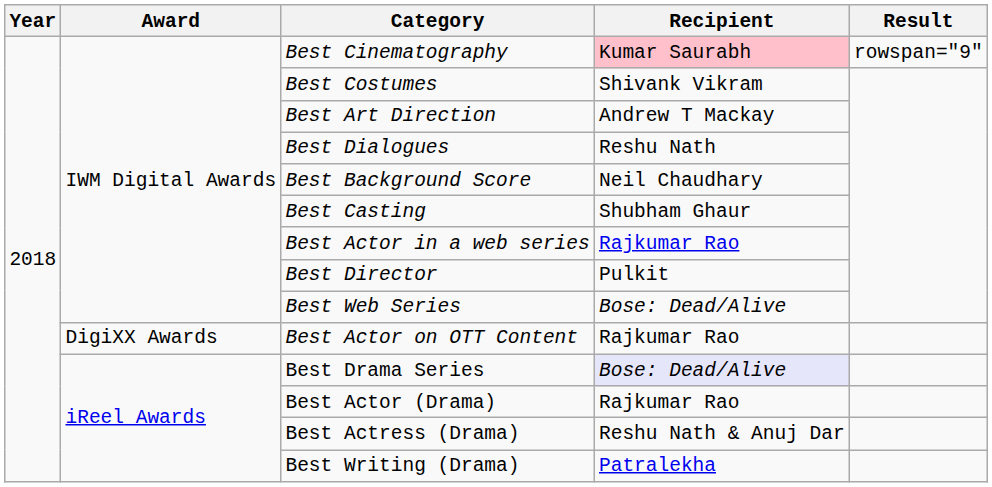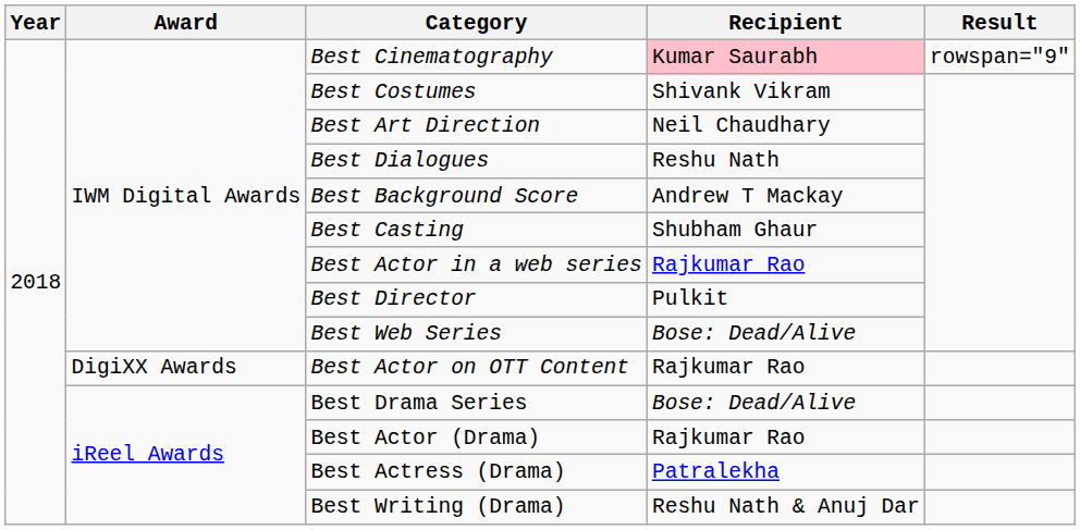 <table class="wikitable">
 <tr>
 <th>Year</th>
 <th>Award</th>
 <th>Category</th>
 <th>Recipient</th>
 <th>Result</th>
 </tr>
 <tr>
 <td rowspan="14">2018</td>
 <td rowspan="9">IWM Digital Awards</td>
 <td><em>Best Cinematography</em></td>
 <td style="background: pink;">Kumar Saurabh</td>
 <td>rowspan="9" </td>
 </tr>
 <tr>
 <td><em>Best Costumes</em></td>
 <td>Shivank Vikram</td>
 </tr>
 <tr>
 <td><em>Best Art Direction</em></td>
-<td>Andrew T Mackay</td>
+<td>Neil Chaudhary</td>
 </tr>
 <tr>
 <td><em>Best Dialogues</em></td>
 <td>Reshu Nath</td>
 </tr>
 <tr>
 <td><em>Best Background Score</em></td>
-<td>Neil Chaudhary</td>
+<td>Andrew T Mackay</td>
 </tr>
 <tr>
 <td><em>Best Casting</em></td>
 <td>Shubham Ghaur</td>
 </tr>
 <tr>
 <td><em>Best Actor in a web series</em></td>
 <td><a href='#'>Rajkumar Rao</a></td>
 </tr>
 <tr>
 <td><em>Best Director</em></td>
 <td>Pulkit</td>
 </tr>
 <tr>
 <td><em>Best Web Series</em></td>
 <td><em>Bose: Dead/Alive</em></td>
 </tr>
 <tr>
 <td>DigiXX Awards</td>
 <td><em>Best Actor on OTT Content</em></td>
 <td>Rajkumar Rao</td>
 <td></td>
 </tr>
 <tr>
 <td rowspan="4"><a href='#'>iReel Awards</a></td>
 <td>Best Drama Series</td>
-<td style="background: lavender;"><em>Bose: Dead/Alive</em></td>
+<td><em>Bose: Dead/Alive</em></td>
 <td></td>
 </tr>
 <tr>
 <td>Best Actor (Drama)</td>
 <td>Rajkumar Rao</td>
 <td></td>
 </tr>
 <tr>
 <td>Best Actress (Drama)</td>
-<td>Reshu Nath & Anuj Dar</td>
+<td><a href='#'>Patralekha</a></td>
 <td></td>
 </tr>
 <tr>
 <td>Best Writing (Drama)</td>
-<td><a href='#'>Patralekha</a></td>
+<td>Reshu Nath & Anuj Dar</td>
 <td></td>
 </tr>
 </table>
